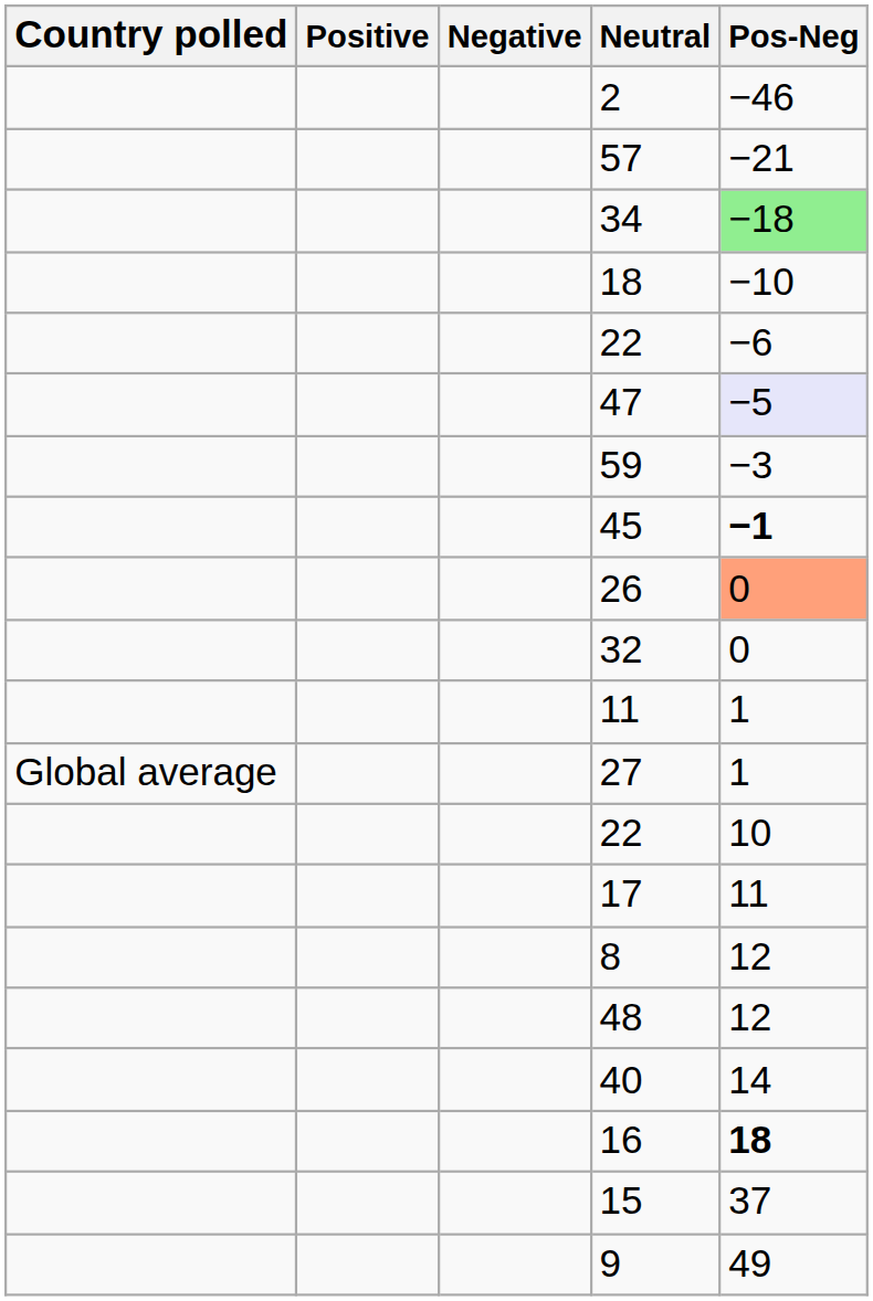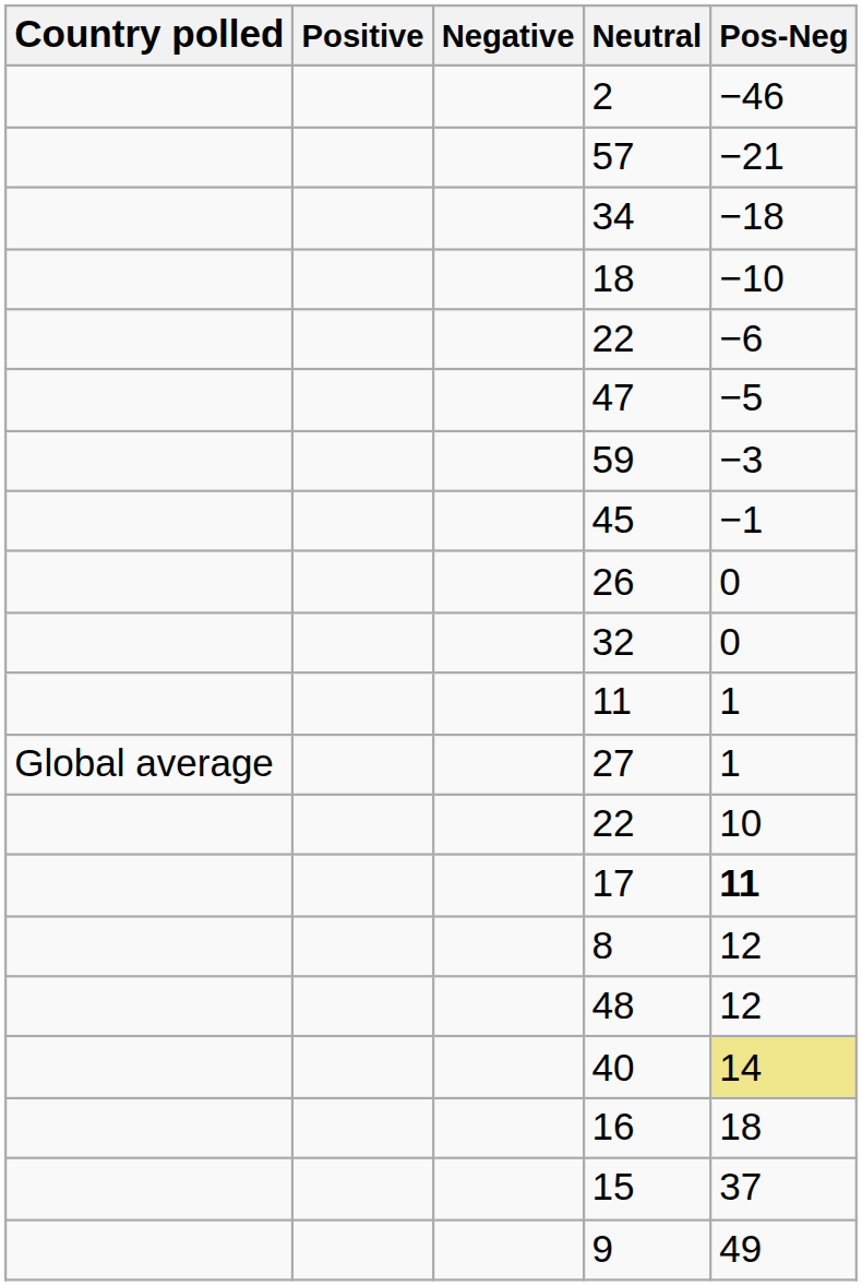 <table class=wikitable style="border:1px black; margin-left:1em; display:inline-table">
 <tr>
 <th>Country polled</th>
 <th><small>Positive</small></th>
 <th><small>Negative</small></th>
 <th><small>Neutral</small></th>
 <th><small>Pos-Neg</small></th>
 </tr>
 <tr>
 <td></td>
 <td></td>
 <td></td>
 <td>2</td>
 <td><span> −46</span></td>
 </tr>
 <tr>
 <td></td>
 <td></td>
 <td></td>
 <td>57</td>
 <td><span> −21</span></td>
 </tr>
 <tr>
 <td></td>
 <td></td>
 <td></td>
 <td>34</td>
-<td style="background: lightgreen;"><span> −18</span></td>
+<td><span> −18</span></td>
 </tr>
 <tr>
 <td></td>
 <td></td>
 <td></td>
 <td>18</td>
 <td><span> −10</span></td>
 </tr>
 <tr>
 <td></td>
 <td></td>
 <td></td>
 <td>22</td>
 <td><span> −6</span></td>
 </tr>
 <tr>
 <td></td>
 <td></td>
 <td></td>
 <td>47</td>
-<td style="background: lavender;"><span> −5</span></td>
+<td><span> −5</span></td>
 </tr>
 <tr>
 <td></td>
 <td></td>
 <td></td>
 <td>59</td>
 <td><span> −3</span></td>
 </tr>
 <tr>
 <td></td>
 <td></td>
 <td></td>
 <td>45</td>
-<td><strong><span> −1</span></strong></td>
+<td><span> −1</span></td>
 </tr>
 <tr>
 <td></td>
 <td></td>
 <td></td>
 <td>26</td>
-<td style="background: lightsalmon;">0</td>
+<td>0</td>
 </tr>
 <tr>
 <td></td>
 <td></td>
 <td></td>
 <td>32</td>
 <td>0</td>
 </tr>
 <tr>
 <td></td>
 <td></td>
 <td></td>
 <td>11</td>
 <td><span> 1</span></td>
 </tr>
 <tr>
 <td>Global average</td>
 <td></td>
 <td></td>
 <td>27</td>
 <td><span>1</span></td>
 </tr>
 <tr>
 <td></td>
 <td></td>
 <td></td>
 <td>22</td>
 <td><span> 10</span></td>
 </tr>
 <tr>
 <td></td>
 <td></td>
 <td></td>
 <td>17</td>
-<td><span> 11</span></td>
+<td><strong><span> 11</span></strong></td>
 </tr>
 <tr>
 <td></td>
 <td></td>
 <td></td>
 <td>8</td>
 <td><span> 12</span></td>
 </tr>
 <tr>
 <td></td>
 <td></td>
 <td></td>
 <td>48</td>
 <td><span> 12</span></td>
 </tr>
 <tr>
 <td></td>
 <td></td>
 <td></td>
 <td>40</td>
-<td><span> 14</span></td>
+<td style="background: khaki;"><span> 14</span></td>
 </tr>
 <tr>
 <td></td>
 <td></td>
 <td></td>
 <td>16</td>
-<td><strong><span> 18</span></strong></td>
+<td><span> 18</span></td>
 </tr>
 <tr>
 <td></td>
 <td></td>
 <td></td>
 <td>15</td>
 <td><span> 37</span></td>
 </tr>
 <tr>
 <td></td>
 <td></td>
 <td></td>
 <td>9</td>
 <td><span> 49</span></td>
 </tr>
 <tr>
 </tr>
 </table>
